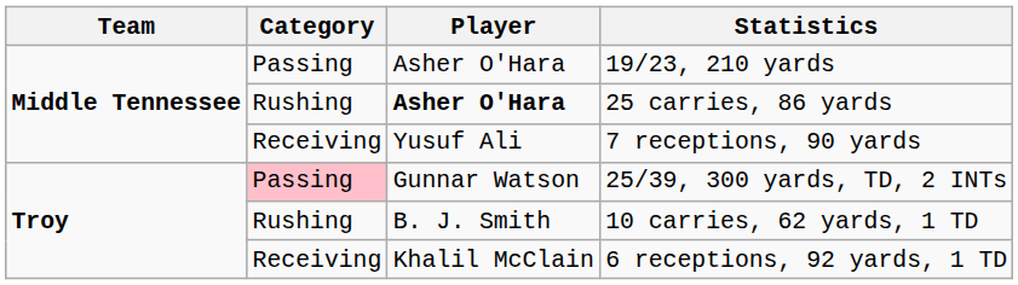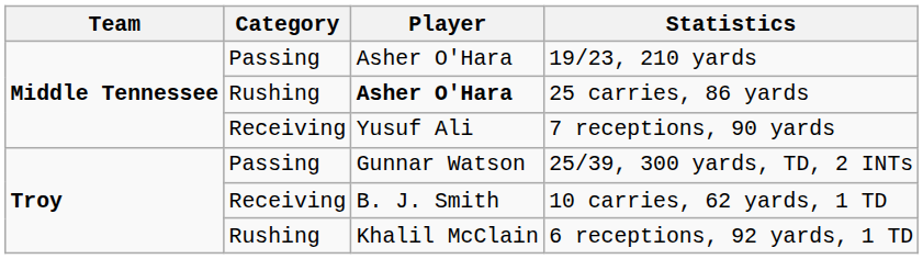 <table class="wikitable" style="float: left;">
 <tr>
 <th>Team</th>
 <th>Category</th>
 <th>Player</th>
 <th>Statistics</th>
 </tr>
 <tr>
 <td rowspan=3><strong>Middle Tennessee</strong></td>
 <td>Passing</td>
 <td>Asher O'Hara</td>
 <td>19/23, 210 yards</td>
 </tr>
 <tr>
 <td>Rushing</td>
 <td><strong>Asher O'Hara</strong></td>
 <td>25 carries, 86 yards</td>
 </tr>
 <tr>
 <td>Receiving</td>
 <td>Yusuf Ali</td>
 <td>7 receptions, 90 yards</td>
 </tr>
 <tr>
 <td rowspan=3><strong>Troy</strong></td>
-<td style="background: pink;">Passing</td>
+<td>Passing</td>
 <td>Gunnar Watson</td>
 <td>25/39, 300 yards, TD, 2 INTs</td>
 </tr>
 <tr>
-<td>Rushing</td>
+<td>Receiving</td>
 <td>B. J. Smith</td>
 <td>10 carries, 62 yards, 1 TD</td>
 </tr>
 <tr>
-<td>Receiving</td>
+<td>Rushing</td>
 <td>Khalil McClain</td>
 <td>6 receptions, 92 yards, 1 TD</td>
 </tr>
 </table>
